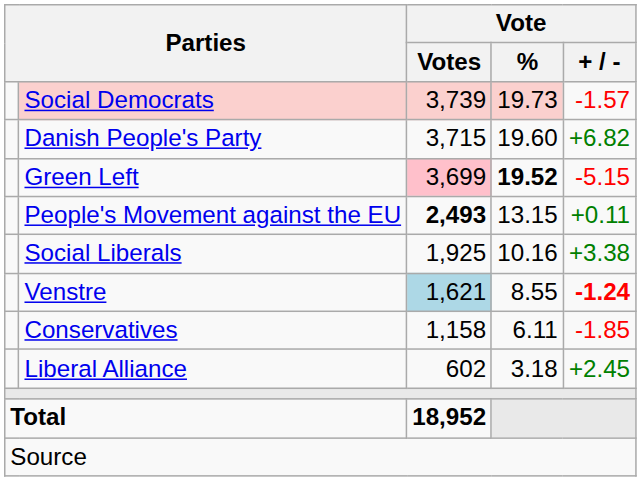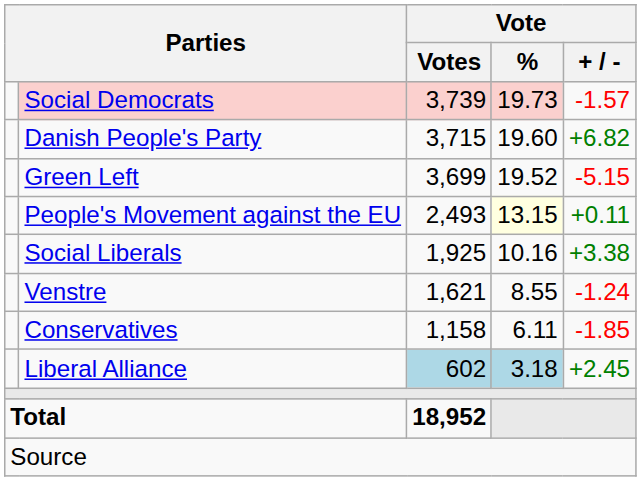 <table class="wikitable" style="text-align:right;">
 <tr>
 <th style="text-align:centre;" rowspan="2" colspan="2" width="225">Parties</th>
 <th colspan="3">Vote</th>
 </tr>
 <tr>
 <th width="15">Votes</th>
 <th width="15">%</th>
 <th width="15">+ / -</th>
 </tr>
 <tr>
 <td width="2" style="color:inherit;background:"></td>
 <td bgcolor=#fbd0ce   align="left"><a href='#'>Social Democrats</a></td>
 <td bgcolor=#fbd0ce>3,739</td>
 <td bgcolor=#fbd0ce>19.73</td>
 <td style=color:red;>-1.57</td>
 </tr>
 <tr>
 <td width="2" style="color:inherit;background:"></td>
 <td align="left"><a href='#'>Danish People's Party</a></td>
 <td>3,715</td>
 <td>19.60</td>
 <td style=color:green;>+6.82</td>
 </tr>
 <tr>
 <td width="2" style="color:inherit;background:"></td>
 <td align="left"><a href='#'>Green Left</a></td>
-<td style="background: pink;">3,699</td>
-<td><strong>19.52</strong></td>
+<td>3,699</td>
+<td>19.52</td>
 <td style=color:red;>-5.15</td>
 </tr>
 <tr>
 <td width="2" style="color:inherit;background:"></td>
 <td align="left"><a href='#'>People's Movement against the EU</a></td>
-<td><strong>2,493</strong></td>
-<td>13.15</td>
+<td>2,493</td>
+<td style="background: lightyellow;">13.15</td>
 <td style=color:green;>+0.11</td>
 </tr>
 <tr>
 <td width="2" style="color:inherit;background:"></td>
 <td align="left"><a href='#'>Social Liberals</a></td>
 <td>1,925</td>
 <td>10.16</td>
 <td style=color:green;>+3.38</td>
 </tr>
 <tr>
 <td width="2" style="color:inherit;background:"></td>
 <td align="left"><a href='#'>Venstre</a></td>
-<td style="background: lightblue;">1,621</td>
+<td>1,621</td>
 <td>8.55</td>
-<td style=color:red;><strong>-1.24</strong></td>
+<td style=color:red;>-1.24</td>
 </tr>
 <tr>
 <td width="2" style="color:inherit;background:"></td>
 <td align="left"><a href='#'>Conservatives</a></td>
 <td>1,158</td>
 <td>6.11</td>
 <td style=color:red;>-1.85</td>
 </tr>
 <tr>
 <td width="2" style="color:inherit;background:"></td>
 <td align="left"><a href='#'>Liberal Alliance</a></td>
-<td>602</td>
-<td>3.18</td>
+<td style="background: lightblue;">602</td>
+<td style="background: lightblue;">3.18</td>
 <td style=color:green;>+2.45</td>
 </tr>
 <tr>
 <td colspan="7" bgcolor="#E9E9E9"></td>
 </tr>
 <tr>
 <td align="left" colspan="2"><strong>Total</strong></td>
 <td><strong>18,952</strong></td>
 <td bgcolor="#E9E9E9" colspan="2"></td>
 </tr>
 <tr>
 <td align="left" colspan="6">Source</td>
 </tr>
 </table>
